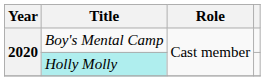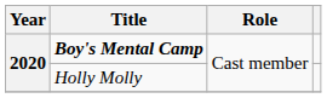 <table class="wikitable sortable plainrowheaders">
 <tr>
 <th scope="col">Year</th>
 <th scope="col">Title</th>
 <th scope="col">Role</th>
 <th scope="col" class="unsortable"></th>
 </tr>
 <tr>
 <th scope="row" rowspan="2">2020</th>
-<td><em>Boy's Mental Camp</em></td>
+<td><strong><em>Boy's Mental Camp</em></strong></td>
 <td rowspan=2>Cast member</td>
 <td style="text-align:center"></td>
 </tr>
 <tr>
-<td style="background: paleturquoise;"><em>Holly Molly</em></td>
+<td><em>Holly Molly</em></td>
 <td style="text-align:center"></td>
 </tr>
 <tr>
 </tr>
 </table>
